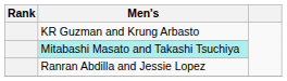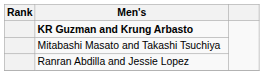 <table class="wikitable" style="text-align: center;">
 <tr>
 <th width=40>Rank</th>
 <th width=290>Men's</th>
 <th width=40></th>
 </tr>
 <tr>
 <th></th>
-<td style="text-align:left;">KR Guzman and Krung Arbasto </td>
+<td style="text-align:left;"><strong>KR Guzman and Krung Arbasto </strong></td>
 <td rowspan=3></td>
 </tr>
 <tr>
 <th></th>
-<td style="background: paleturquoise; text-align:left;">Mitabashi Masato and Takashi Tsuchiya </td>
+<td style="text-align:left;">Mitabashi Masato and Takashi Tsuchiya </td>
 </tr>
 <tr>
 <th></th>
 <td style="text-align:left;">Ranran Abdilla and Jessie Lopez </td>
 </tr>
 <tr>
 </tr>
 </table>
